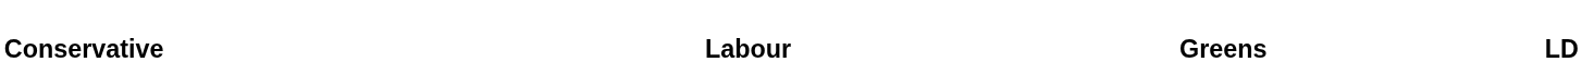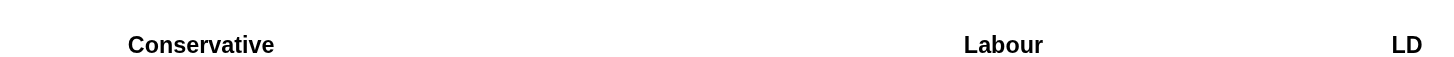 <table style="width:100%; text-align:center;">
 <tr style="color:white;">
 <td style="background-color:"><strong>18</strong></td>
 <td style="background-color:"><strong>17</strong></td>
-<td style="background-color:"><strong>5</strong></td>
 <td style="background-color:"><strong>1</strong></td>
 </tr>
 <tr>
 <td><span><strong>Conservative</strong></span></td>
 <td><span><strong>Labour</strong></span></td>
-<td><span><strong>Greens</strong></span></td>
 <td><span><strong>LD</strong></span></td>
 </tr>
 </table>
